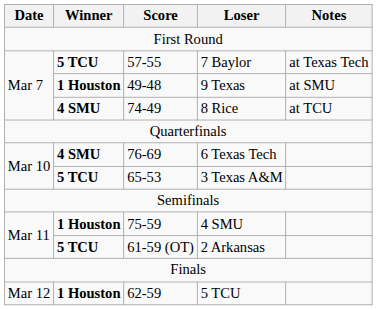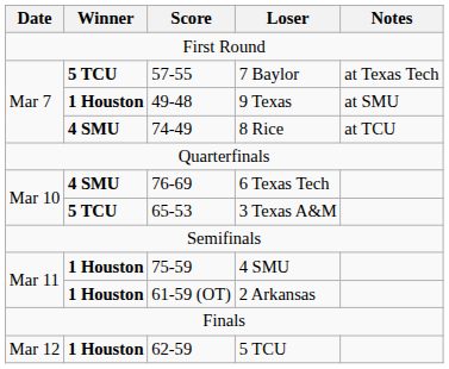 <table class=wikitable>
 <tr>
 <th>Date</th>
 <th>Winner</th>
 <th>Score</th>
 <th>Loser</th>
 <th>Notes</th>
 </tr>
 <tr>
 <td colspan="5" ; style="text-align: center">First Round</td>
 </tr>
 <tr>
 <td rowspan ="3">Mar 7</td>
 <td><strong>5 TCU</strong></td>
 <td>57-55</td>
 <td>7 Baylor</td>
 <td>at Texas Tech</td>
 </tr>
 <tr>
 <td><strong>1 Houston</strong></td>
 <td>49-48</td>
 <td>9 Texas</td>
 <td>at SMU</td>
 </tr>
 <tr>
 <td><strong>4 SMU</strong></td>
 <td>74-49</td>
 <td>8 Rice</td>
 <td>at TCU</td>
 </tr>
 <tr>
 <td colspan="5" ; style="text-align: center">Quarterfinals</td>
 </tr>
 <tr>
 <td rowspan ="2">Mar 10</td>
 <td><strong>4 SMU</strong></td>
 <td>76-69</td>
 <td>6 Texas Tech</td>
 <td></td>
 </tr>
 <tr>
 <td><strong>5 TCU</strong></td>
 <td>65-53</td>
 <td>3 Texas A&M</td>
 <td></td>
 </tr>
 <tr>
 <td colspan="5" ; style="text-align: center">Semifinals</td>
 </tr>
 <tr>
 <td rowspan ="2">Mar 11</td>
 <td><strong>1 Houston</strong></td>
 <td>75-59</td>
 <td>4 SMU</td>
 <td></td>
 </tr>
 <tr>
-<td><strong>5 TCU</strong></td>
+<td><strong>1 Houston</strong></td>
 <td>61-59 (OT)</td>
 <td>2 Arkansas</td>
 <td></td>
 </tr>
 <tr>
 <td colspan="5" ; style="text-align: center">Finals</td>
 </tr>
 <tr>
 <td>Mar 12</td>
 <td><strong>1 Houston</strong></td>
 <td>62-59</td>
 <td>5 TCU</td>
 <td></td>
 </tr>
 </table>
